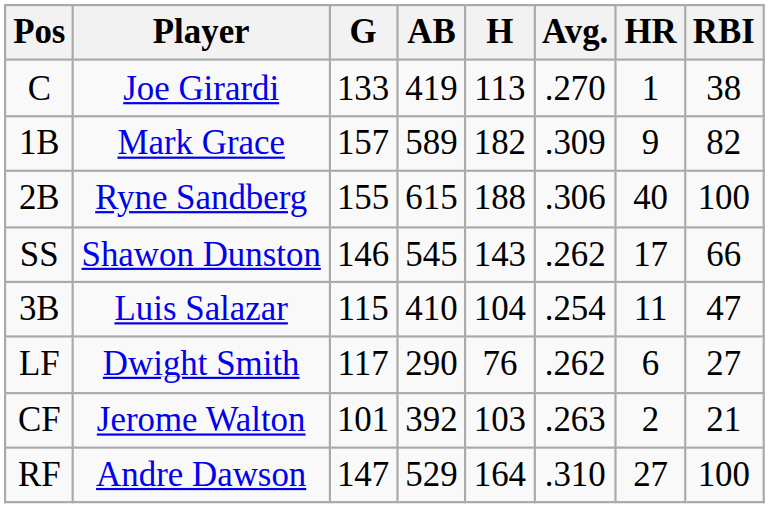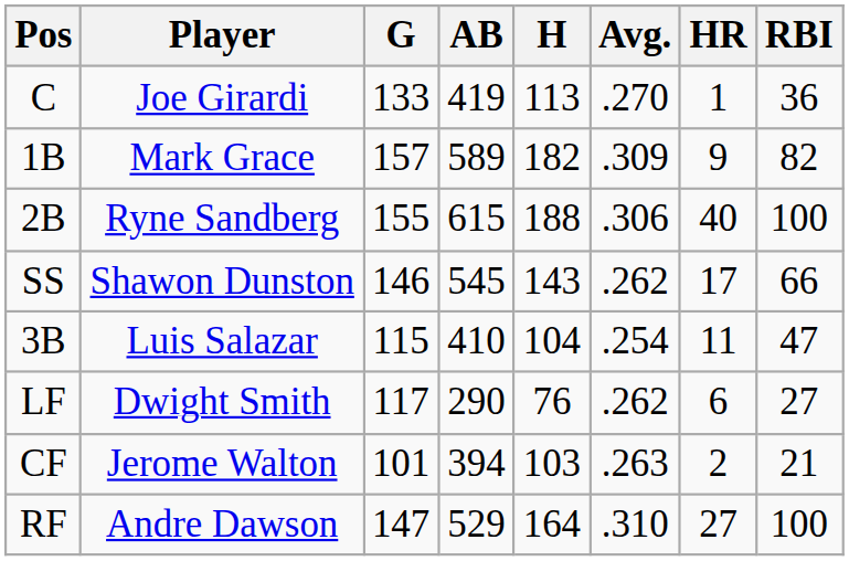 <table class="wikitable sortable" style="text-align:center">
 <tr>
 <th>Pos</th>
 <th>Player</th>
 <th>G</th>
 <th>AB</th>
 <th>H</th>
 <th>Avg.</th>
 <th>HR</th>
 <th>RBI</th>
 </tr>
 <tr>
 <td>C</td>
 <td><a href='#'>Joe Girardi</a></td>
 <td>133</td>
 <td>419</td>
 <td>113</td>
 <td>.270</td>
 <td>1</td>
-<td>38</td>
+<td>36</td>
 </tr>
 <tr>
 <td>1B</td>
 <td><a href='#'>Mark Grace</a></td>
 <td>157</td>
 <td>589</td>
 <td>182</td>
 <td>.309</td>
 <td>9</td>
 <td>82</td>
 </tr>
 <tr>
 <td>2B</td>
 <td><a href='#'>Ryne Sandberg</a></td>
 <td>155</td>
 <td>615</td>
 <td>188</td>
 <td>.306</td>
 <td>40</td>
 <td>100</td>
 </tr>
 <tr>
 <td>SS</td>
 <td><a href='#'>Shawon Dunston</a></td>
 <td>146</td>
 <td>545</td>
 <td>143</td>
 <td>.262</td>
 <td>17</td>
 <td>66</td>
 </tr>
 <tr>
 <td>3B</td>
 <td><a href='#'>Luis Salazar</a></td>
 <td>115</td>
 <td>410</td>
 <td>104</td>
 <td>.254</td>
 <td>11</td>
 <td>47</td>
 </tr>
 <tr>
 <td>LF</td>
 <td><a href='#'>Dwight Smith</a></td>
 <td>117</td>
 <td>290</td>
 <td>76</td>
 <td>.262</td>
 <td>6</td>
 <td>27</td>
 </tr>
 <tr>
 <td>CF</td>
 <td><a href='#'>Jerome Walton</a></td>
 <td>101</td>
-<td>392</td>
+<td>394</td>
 <td>103</td>
 <td>.263</td>
 <td>2</td>
 <td>21</td>
 </tr>
 <tr>
 <td>RF</td>
 <td><a href='#'>Andre Dawson</a></td>
 <td>147</td>
 <td>529</td>
 <td>164</td>
 <td>.310</td>
 <td>27</td>
 <td>100</td>
 </tr>
 </table>
